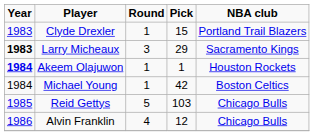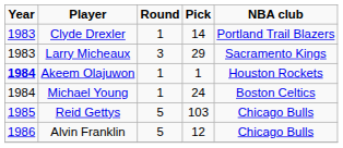 <table class="wikitable">
 <tr align="center">
 <td><strong>Year</strong></td>
 <td><strong>Player</strong></td>
 <td><strong>Round</strong></td>
 <td><strong>Pick</strong></td>
 <td><strong>NBA club</strong></td>
 </tr>
 <tr align="center" bgcolor="">
 <td><a href='#'>1983</a></td>
 <td><a href='#'>Clyde Drexler</a></td>
 <td>1</td>
-<td>15</td>
+<td>14</td>
 <td><a href='#'>Portland Trail Blazers</a></td>
 </tr>
 <tr align="center" bgcolor="">
-<td><strong>1983</strong></td>
+<td>1983</td>
 <td><a href='#'>Larry Micheaux</a></td>
 <td>3</td>
 <td>29</td>
 <td><a href='#'>Sacramento Kings</a></td>
 </tr>
 <tr align="center" bgcolor="">
 <td><strong><a href='#'>1984</a></strong></td>
 <td><a href='#'>Akeem Olajuwon</a></td>
 <td>1</td>
 <td>1</td>
 <td><a href='#'>Houston Rockets</a></td>
 </tr>
 <tr align="center" bgcolor="">
 <td>1984</td>
 <td><a href='#'>Michael Young</a></td>
 <td>1</td>
-<td>42</td>
+<td>24</td>
 <td><a href='#'>Boston Celtics</a></td>
 </tr>
 <tr align="center" bgcolor="">
 <td><a href='#'>1985</a></td>
 <td><a href='#'>Reid Gettys</a></td>
 <td>5</td>
 <td>103</td>
 <td><a href='#'>Chicago Bulls</a></td>
 </tr>
 <tr align="center" bgcolor="">
 <td><a href='#'>1986</a></td>
 <td>Alvin Franklin</td>
-<td>4</td>
+<td>5</td>
 <td>12</td>
 <td><a href='#'>Chicago Bulls</a></td>
 </tr>
 <tr align="center" bgcolor="">
 </tr>
 </table>
